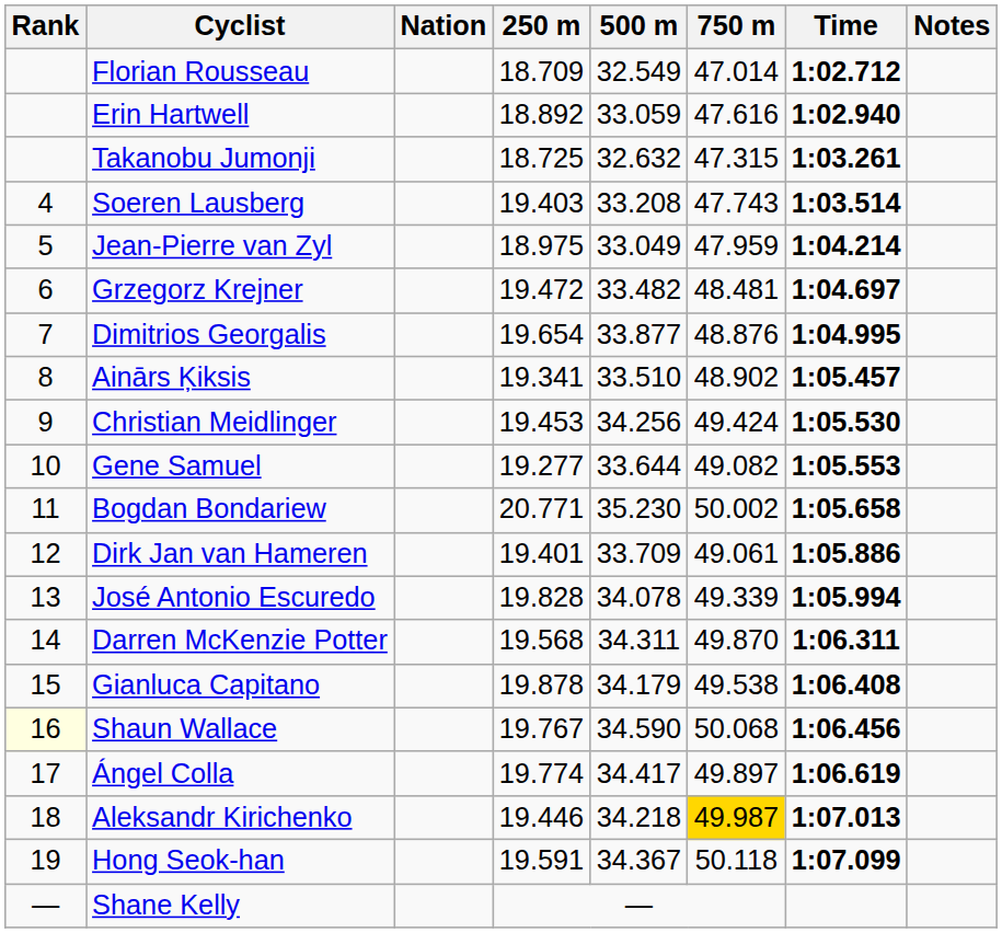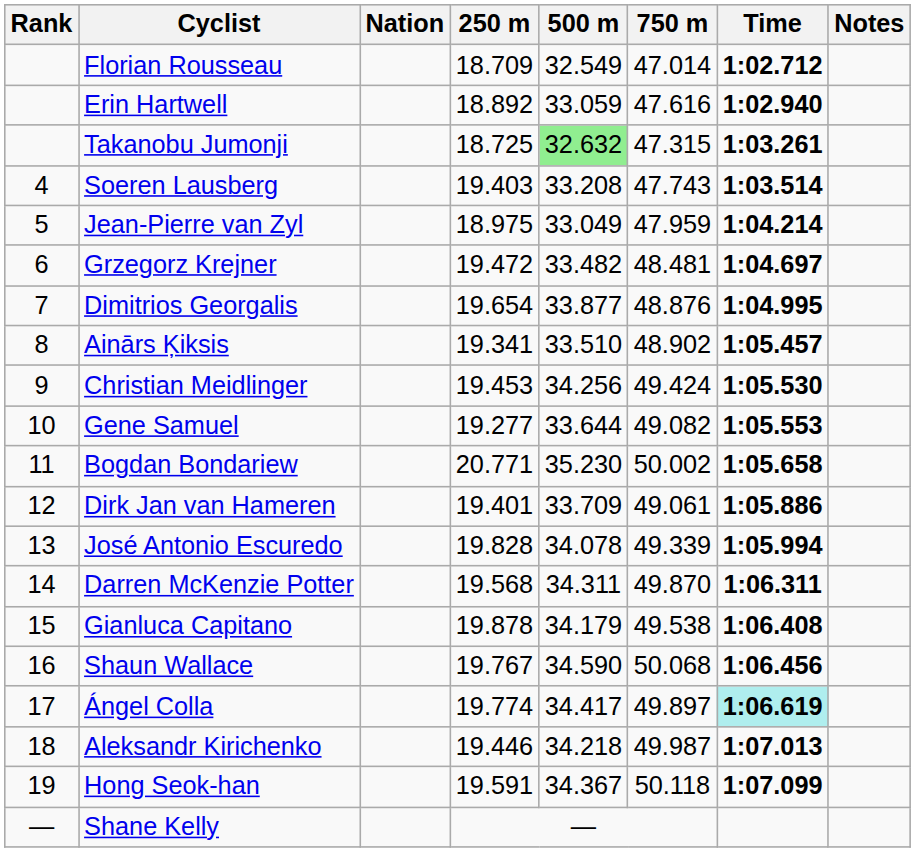 <table class="wikitable sortable" style="text-align:center">
 <tr>
 <th>Rank</th>
 <th>Cyclist</th>
 <th>Nation</th>
 <th>250 m</th>
 <th>500 m</th>
 <th>750 m</th>
 <th>Time</th>
 <th>Notes</th>
 </tr>
 <tr>
 <td></td>
 <td align=left><a href='#'>Florian Rousseau</a></td>
 <td align=left></td>
 <td>18.709</td>
 <td>32.549</td>
 <td>47.014</td>
 <td><strong>1:02.712</strong></td>
 <td></td>
 </tr>
 <tr>
 <td></td>
 <td align=left><a href='#'>Erin Hartwell</a></td>
 <td align=left></td>
 <td>18.892</td>
 <td>33.059</td>
 <td>47.616</td>
 <td><strong>1:02.940</strong></td>
 <td></td>
 </tr>
 <tr>
 <td></td>
 <td align=left><a href='#'>Takanobu Jumonji</a></td>
 <td align=left></td>
 <td>18.725</td>
-<td>32.632</td>
+<td style="background: lightgreen;">32.632</td>
 <td>47.315</td>
 <td><strong>1:03.261</strong></td>
 <td></td>
 </tr>
 <tr>
 <td>4</td>
 <td align=left><a href='#'>Soeren Lausberg</a></td>
 <td align=left></td>
 <td>19.403</td>
 <td>33.208</td>
 <td>47.743</td>
 <td><strong>1:03.514</strong></td>
 <td></td>
 </tr>
 <tr>
 <td>5</td>
 <td align=left><a href='#'>Jean-Pierre van Zyl</a></td>
 <td align=left></td>
 <td>18.975</td>
 <td>33.049</td>
 <td>47.959</td>
 <td><strong>1:04.214</strong></td>
 <td></td>
 </tr>
 <tr>
 <td>6</td>
 <td align=left><a href='#'>Grzegorz Krejner</a></td>
 <td align=left></td>
 <td>19.472</td>
 <td>33.482</td>
 <td>48.481</td>
 <td><strong>1:04.697</strong></td>
 <td></td>
 </tr>
 <tr>
 <td>7</td>
 <td align=left><a href='#'>Dimitrios Georgalis</a></td>
 <td align=left></td>
 <td>19.654</td>
 <td>33.877</td>
 <td>48.876</td>
 <td><strong>1:04.995</strong></td>
 <td></td>
 </tr>
 <tr>
 <td>8</td>
 <td align=left><a href='#'>Ainārs Ķiksis</a></td>
 <td align=left></td>
 <td>19.341</td>
 <td>33.510</td>
 <td>48.902</td>
 <td><strong>1:05.457</strong></td>
 <td></td>
 </tr>
 <tr>
 <td>9</td>
 <td align=left><a href='#'>Christian Meidlinger</a></td>
 <td align=left></td>
 <td>19.453</td>
 <td>34.256</td>
 <td>49.424</td>
 <td><strong>1:05.530</strong></td>
 <td></td>
 </tr>
 <tr>
 <td>10</td>
 <td align=left><a href='#'>Gene Samuel</a></td>
 <td align=left></td>
 <td>19.277</td>
 <td>33.644</td>
 <td>49.082</td>
 <td><strong>1:05.553</strong></td>
 <td></td>
 </tr>
 <tr>
 <td>11</td>
 <td align=left><a href='#'>Bogdan Bondariew</a></td>
 <td align=left></td>
 <td>20.771</td>
 <td>35.230</td>
 <td>50.002</td>
 <td><strong>1:05.658</strong></td>
 <td></td>
 </tr>
 <tr>
 <td>12</td>
 <td align=left><a href='#'>Dirk Jan van Hameren</a></td>
 <td align=left></td>
 <td>19.401</td>
 <td>33.709</td>
 <td>49.061</td>
 <td><strong>1:05.886</strong></td>
 <td></td>
 </tr>
 <tr>
 <td>13</td>
 <td align=left><a href='#'>José Antonio Escuredo</a></td>
 <td align=left></td>
 <td>19.828</td>
 <td>34.078</td>
 <td>49.339</td>
 <td><strong>1:05.994</strong></td>
 <td></td>
 </tr>
 <tr>
 <td>14</td>
 <td align=left><a href='#'>Darren McKenzie Potter</a></td>
 <td align=left></td>
 <td>19.568</td>
 <td>34.311</td>
 <td>49.870</td>
 <td><strong>1:06.311</strong></td>
 <td></td>
 </tr>
 <tr>
 <td>15</td>
 <td align=left><a href='#'>Gianluca Capitano</a></td>
 <td align=left></td>
 <td>19.878</td>
 <td>34.179</td>
 <td>49.538</td>
 <td><strong>1:06.408</strong></td>
 <td></td>
 </tr>
 <tr>
-<td style="background: lightyellow;">16</td>
+<td>16</td>
 <td align=left><a href='#'>Shaun Wallace</a></td>
 <td align=left></td>
 <td>19.767</td>
 <td>34.590</td>
 <td>50.068</td>
 <td><strong>1:06.456</strong></td>
 <td></td>
 </tr>
 <tr>
 <td>17</td>
 <td align=left><a href='#'>Ángel Colla</a></td>
 <td align=left></td>
 <td>19.774</td>
 <td>34.417</td>
 <td>49.897</td>
-<td><strong>1:06.619</strong></td>
+<td style="background: paleturquoise;"><strong>1:06.619</strong></td>
 <td></td>
 </tr>
 <tr>
 <td>18</td>
 <td align=left><a href='#'>Aleksandr Kirichenko</a></td>
 <td align=left></td>
 <td>19.446</td>
 <td>34.218</td>
-<td style="background: gold;">49.987</td>
+<td>49.987</td>
 <td><strong>1:07.013</strong></td>
 <td></td>
 </tr>
 <tr>
 <td>19</td>
 <td align=left><a href='#'>Hong Seok-han</a></td>
 <td align=left></td>
 <td>19.591</td>
 <td>34.367</td>
 <td>50.118</td>
 <td><strong>1:07.099</strong></td>
 <td></td>
 </tr>
 <tr>
 <td data-sort-value=20>—</td>
 <td align=left><a href='#'>Shane Kelly</a></td>
 <td align=left></td>
 <td colspan=3 data-sort-value=99.999>—</td>
 <td data-sort-value=9:99:99.9></td>
 <td></td>
 </tr>
 </table>
